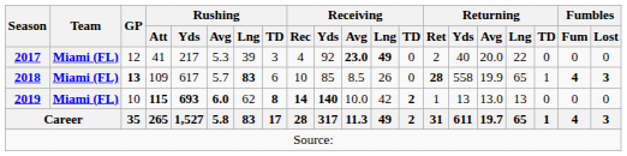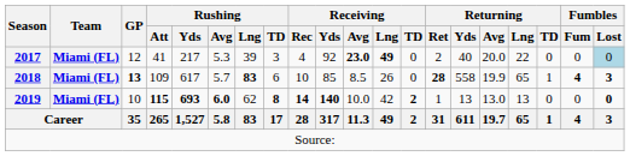 <table class=wikitable style="text-align:center;">
 <tr>
 <th rowspan="2">Season</th>
 <th rowspan="2">Team</th>
 <th rowspan="2">GP</th>
 <th colspan="5">Rushing</th>
 <th colspan="5">Receiving</th>
 <th colspan="5">Returning</th>
 <th colspan="2">Fumbles</th>
 </tr>
 <tr>
 <th>Att</th>
 <th>Yds</th>
 <th>Avg</th>
 <th>Lng</th>
 <th>TD</th>
 <th>Rec</th>
 <th>Yds</th>
 <th>Avg</th>
 <th>Lng</th>
 <th>TD</th>
 <th>Ret</th>
 <th>Yds</th>
 <th>Avg</th>
 <th>Lng</th>
 <th>TD</th>
 <th>Fum</th>
 <th>Lost</th>
 </tr>
 <tr>
 <th><a href='#'>2017</a></th>
 <th><a href='#'>Miami (FL)</a></th>
 <td>12</td>
 <td>41</td>
 <td>217</td>
 <td>5.3</td>
 <td>39</td>
 <td>3</td>
 <td>4</td>
 <td>92</td>
 <td><strong>23.0</strong></td>
 <td><strong>49</strong></td>
 <td>0</td>
 <td>2</td>
 <td>40</td>
 <td>20.0</td>
 <td>22</td>
 <td>0</td>
 <td>0</td>
-<td>0</td>
+<td style="background: lightblue;">0</td>
 </tr>
 <tr>
 <th><a href='#'>2018</a></th>
 <th><a href='#'>Miami (FL)</a></th>
 <td><strong>13</strong></td>
 <td>109</td>
 <td>617</td>
 <td>5.7</td>
 <td><strong>83</strong></td>
 <td>6</td>
 <td>10</td>
 <td>85</td>
 <td>8.5</td>
 <td>26</td>
 <td>0</td>
 <td><strong>28</strong></td>
 <td>558</td>
 <td>19.9</td>
 <td>65</td>
 <td>1</td>
 <td><strong>4</strong></td>
 <td><strong>3</strong></td>
 </tr>
 <tr>
 <th><a href='#'>2019</a></th>
 <th><a href='#'>Miami (FL)</a></th>
 <td>10</td>
 <td><strong>115</strong></td>
 <td><strong>693</strong></td>
 <td><strong>6.0</strong></td>
 <td>62</td>
 <td><strong>8</strong></td>
 <td><strong>14</strong></td>
 <td><strong>140</strong></td>
 <td>10.0</td>
 <td>42</td>
 <td><strong>2</strong></td>
 <td>1</td>
 <td>13</td>
 <td>13.0</td>
 <td>13</td>
 <td>0</td>
 <td>0</td>
-<td>0</td>
+<td><strong>0</strong></td>
 </tr>
 <tr>
 <th colspan="2">Career</th>
 <th>35</th>
 <th>265</th>
 <th>1,527</th>
 <th>5.8</th>
 <th>83</th>
 <th>17</th>
 <th>28</th>
 <th>317</th>
 <th>11.3</th>
 <th>49</th>
 <th>2</th>
 <th>31</th>
 <th>611</th>
 <th>19.7</th>
 <th>65</th>
 <th>1</th>
 <th>4</th>
 <th>3</th>
 </tr>
 <tr>
 <td colspan="20">Source: </td>
 </tr>
 </table>
